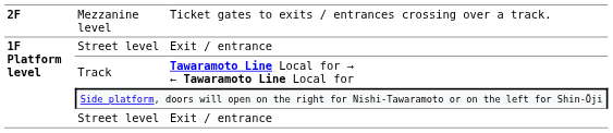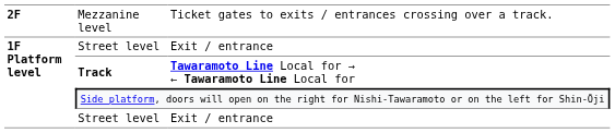 <table border=0 cellspacing=0 cellpadding=3>
 <tr>
 <td style="border-top: 1px solid gray;" valign=top width=75><strong>2F</strong></td>
 <td style="border-top: 1px solid gray;" valign=top width=100>Mezzanine level</td>
 <td style="border-top: 1px solid gray;" valign=top width=475>Ticket gates to exits / entrances crossing over a track.</td>
 </tr>
 <tr>
 <td style="border-top: 1px solid gray; border-bottom: 1px solid gray;" valign=top width=75 rowspan=4 valign=top><strong>1F Platform level</strong></td>
 <td style="border-top: 1px solid gray;" valign=top width=100>Street level</td>
 <td style="border-top: 1px solid gray;" valign=top width=475>Exit / entrance</td>
 </tr>
 <tr>
-<td style="border-top: 1px solid gray;" width=100>Track</td>
+<td style="border-top: 1px solid gray;" width=100><strong>Track</strong></td>
 <td style="border-top: 1px solid gray;" width=500> <strong><a href='#'>Tawaramoto Line</a></strong>  Local for  →<br>←  <strong>Tawaramoto Line</strong>  Local for </td>
 </tr>
 <tr>
 <td style="border-top: 2px solid black;border-right: 2px solid black;border-left: 2px solid black;border-bottom: 1px solid gray; background-color:#f8f9fa;text-align:center;" colspan=2><small><a href='#'>Side platform</a>, doors will open on the right for Nishi-Tawaramoto or on the left for Shin-Ōji</small> </td>
 </tr>
 <tr>
 <td style="border-bottom: 1px solid gray;" valign=top width=100>Street level</td>
 <td style="border-bottom: 1px solid gray;" valign=top width=500>Exit / entrance</td>
 </tr>
 </table>
